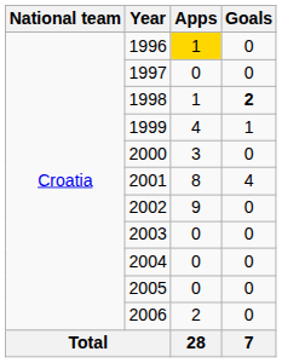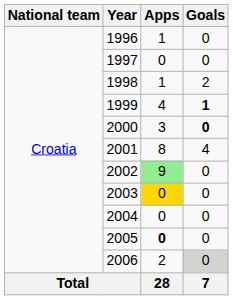 <table class="wikitable" style="text-align:center">
 <tr>
 <th>National team</th>
 <th>Year</th>
 <th>Apps</th>
 <th>Goals</th>
 </tr>
 <tr>
 <td rowspan="11"><a href='#'>Croatia</a></td>
 <td>1996</td>
-<td style="background: gold;">1</td>
+<td>1</td>
 <td>0</td>
 </tr>
 <tr>
 <td>1997</td>
 <td>0</td>
 <td>0</td>
 </tr>
 <tr>
 <td>1998</td>
 <td>1</td>
-<td><strong>2</strong></td>
+<td>2</td>
 </tr>
 <tr>
 <td>1999</td>
 <td>4</td>
-<td>1</td>
+<td><strong>1</strong></td>
 </tr>
 <tr>
 <td>2000</td>
 <td>3</td>
-<td>0</td>
+<td><strong>0</strong></td>
 </tr>
 <tr>
 <td>2001</td>
 <td>8</td>
 <td>4</td>
 </tr>
 <tr>
 <td>2002</td>
-<td>9</td>
+<td style="background: lightgreen;">9</td>
 <td>0</td>
 </tr>
 <tr>
 <td>2003</td>
-<td>0</td>
+<td style="background: gold;">0</td>
 <td>0</td>
 </tr>
 <tr>
 <td>2004</td>
 <td>0</td>
 <td>0</td>
 </tr>
 <tr>
 <td>2005</td>
-<td>0</td>
+<td><strong>0</strong></td>
 <td>0</td>
 </tr>
 <tr>
 <td>2006</td>
 <td>2</td>
-<td>0</td>
+<td style="background: lightgrey;">0</td>
 </tr>
 <tr>
 <th colspan="2">Total</th>
 <th>28</th>
 <th>7</th>
 </tr>
 </table>
